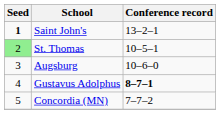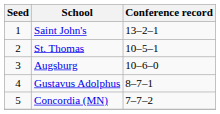 <table class="wikitable">
 <tr>
 <th>Seed</th>
 <th>School</th>
 <th>Conference record</th>
 </tr>
 <tr>
-<td align=center><strong>1</strong></td>
+<td align=center>1</td>
 <td><a href='#'>Saint John's</a></td>
 <td>13–2–1</td>
 </tr>
 <tr>
-<td align=center style="background: lightgreen;">2</td>
+<td align=center>2</td>
 <td><a href='#'>St. Thomas</a></td>
 <td>10–5–1</td>
 </tr>
 <tr>
 <td align=center>3</td>
 <td><a href='#'>Augsburg</a></td>
 <td>10–6–0</td>
 </tr>
 <tr>
 <td align=center>4</td>
 <td><a href='#'>Gustavus Adolphus</a></td>
-<td><strong>8–7–1</strong></td>
+<td>8–7–1</td>
 </tr>
 <tr>
 <td align=center>5</td>
 <td><a href='#'>Concordia (MN)</a></td>
 <td>7–7–2</td>
 </tr>
 <tr>
 </tr>
 </table>
